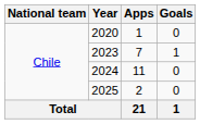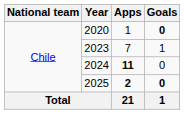 <table class=wikitable style=text-align:center>
 <tr>
 <th>National team</th>
 <th>Year</th>
 <th>Apps</th>
 <th>Goals</th>
 </tr>
 <tr>
 <td rowspan="4"><a href='#'>Chile</a></td>
 <td>2020</td>
 <td>1</td>
-<td>0</td>
+<td><strong>0</strong></td>
 </tr>
 <tr>
 <td>2023</td>
 <td>7</td>
 <td>1</td>
 </tr>
 <tr>
 <td>2024</td>
-<td>11</td>
+<td><strong>11</strong></td>
 <td>0</td>
 </tr>
 <tr>
 <td>2025</td>
-<td>2</td>
-<td>0</td>
+<td><strong>2</strong></td>
+<td><strong>0</strong></td>
 </tr>
 <tr>
 <th colspan=2>Total</th>
 <th>21</th>
 <th>1</th>
 </tr>
 </table>
